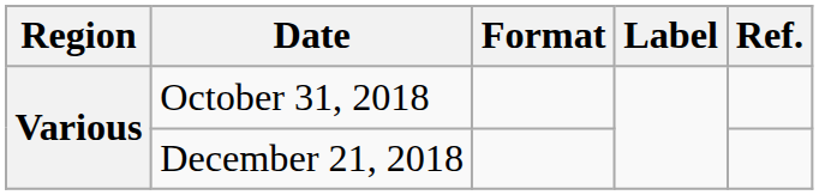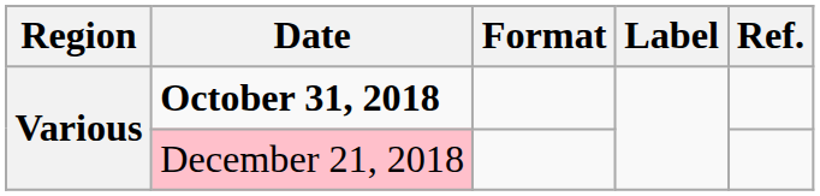 <table class="wikitable plainrowheaders">
 <tr>
 <th scope="col">Region</th>
 <th scope="col">Date</th>
 <th scope="col">Format</th>
 <th>Label</th>
 <th scope="col">Ref.</th>
 </tr>
 <tr>
 <th rowspan="2" scope="row">Various</th>
-<td>October 31, 2018</td>
+<td><strong>October 31, 2018</strong></td>
 <td></td>
 <td rowspan="2"></td>
 <td></td>
 </tr>
 <tr>
-<td>December 21, 2018</td>
+<td style="background: pink;">December 21, 2018</td>
 <td></td>
 <td></td>
 </tr>
 </table>
